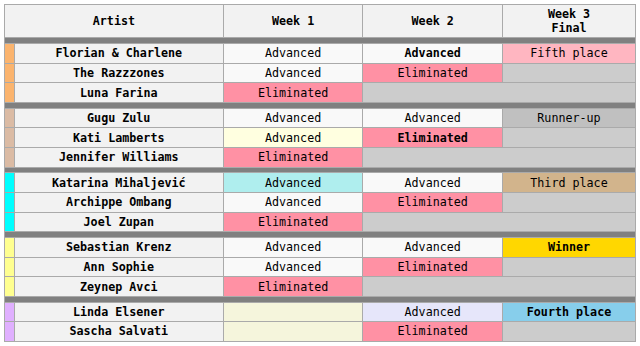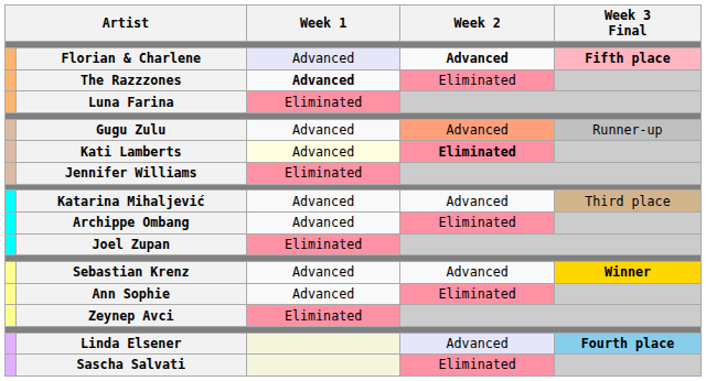 <table class="wikitable" style="font-size:90%; text-align:center; width:50%">
 <tr>
 <th style="width:18%" colspan="2">Artist</th>
 <th style="width:11%" scope="col">Week 1</th>
 <th style="width:11%" scope="col">Week 2</th>
 <th style="width:11%" scope="col">Week 3<br>Final</th>
 </tr>
 <tr>
 <th style="background:grey" colspan="7"></th>
 </tr>
 <tr>
 <th style="background:#fbb46e"></th>
 <th>Florian & Charlene</th>
-<td>Advanced</td>
+<td style="background: lavender;">Advanced</td>
 <td><strong>Advanced</strong></td>
-<td style="background:lightpink">Fifth place</td>
+<td style="background:lightpink"><strong>Fifth place</strong></td>
 </tr>
 <tr>
 <th style="background:#fbb46e"></th>
 <th>The Razzzones</th>
-<td>Advanced</td>
+<td><strong>Advanced</strong></td>
 <td style="background:#FF91A4">Eliminated</td>
 <td style="background:#ccc"></td>
 </tr>
 <tr>
 <th style="background:#fbb46e"></th>
 <th>Luna Farina</th>
 <td style="background:#FF91A4">Eliminated</td>
 <td colspan="2" style="background:#ccc"></td>
 </tr>
 <tr>
 <th colspan="5" style="background:grey"></th>
 </tr>
 <tr>
 <th style="background:#dbbba4"></th>
 <th>Gugu Zulu</th>
 <td>Advanced</td>
-<td>Advanced</td>
+<td style="background: lightsalmon;">Advanced</td>
 <td style="background:silver">Runner-up</td>
 </tr>
 <tr>
 <th style="background:#dbbba4"></th>
 <th>Kati Lamberts</th>
 <td style="background: lightyellow;">Advanced</td>
 <td style="background:#FF91A4"><strong>Eliminated</strong></td>
 <td style="background:#ccc"></td>
 </tr>
 <tr>
 <th style="background:#dbbba4"></th>
 <th>Jennifer Williams</th>
 <td style="background:#FF91A4">Eliminated</td>
 <td colspan="2" style="background:#ccc"></td>
 </tr>
 <tr>
 <th colspan="5" style="background:grey"></th>
 </tr>
 <tr>
 <th style="background:#00ffff"></th>
 <th>Katarina Mihaljević</th>
-<td style="background: paleturquoise;">Advanced</td>
+<td>Advanced</td>
 <td>Advanced</td>
 <td style="background:tan">Third place</td>
 </tr>
 <tr>
 <th style="background:#00ffff"></th>
 <th>Archippe Ombang</th>
 <td>Advanced</td>
 <td style="background:#FF91A4">Eliminated</td>
 <td style="background:#ccc"></td>
 </tr>
 <tr>
 <th style="background:#00ffff"></th>
 <th>Joel Zupan</th>
 <td style="background:#FF91A4">Eliminated</td>
 <td colspan="2" style="background:#ccc"></td>
 </tr>
 <tr>
 <th colspan="5" style="background:grey"></th>
 </tr>
 <tr>
 <th style="background:#ffff90"></th>
 <th>Sebastian Krenz</th>
 <td>Advanced</td>
 <td>Advanced</td>
 <td style="background:gold"><strong>Winner</strong></td>
 </tr>
 <tr>
 <th style="background:#ffff90"></th>
 <th>Ann Sophie</th>
 <td>Advanced</td>
 <td style="background:#FF91A4">Eliminated</td>
 <td style="background:#ccc"></td>
 </tr>
 <tr>
 <th style="background:#ffff90"></th>
 <th>Zeynep Avci</th>
 <td style="background:#FF91A4">Eliminated</td>
 <td colspan="2" style="background:#ccc"></td>
 </tr>
 <tr>
 <th colspan="5" style="background:grey"></th>
 </tr>
 <tr>
 <th style="background:#E0B0FF"></th>
 <th>Linda Elsener</th>
 <td style="background:#F5F5DC;"></td>
 <td style="background: lavender;">Advanced</td>
 <td style="background:skyblue"><strong>Fourth place</strong></td>
 </tr>
 <tr>
 <th style="background:#E0B0FF"></th>
 <th>Sascha Salvati</th>
 <td style="background:#F5F5DC;"></td>
 <td style="background:#FF91A4">Eliminated</td>
 <td style="background:#ccc"></td>
 </tr>
 <tr>
 </tr>
 </table>
